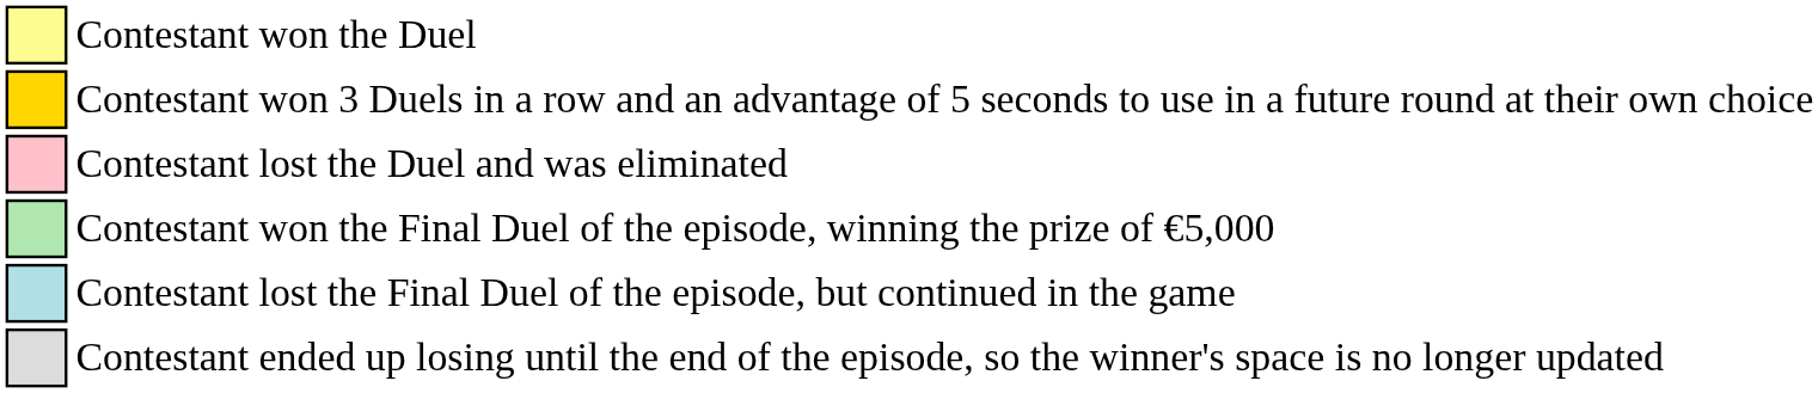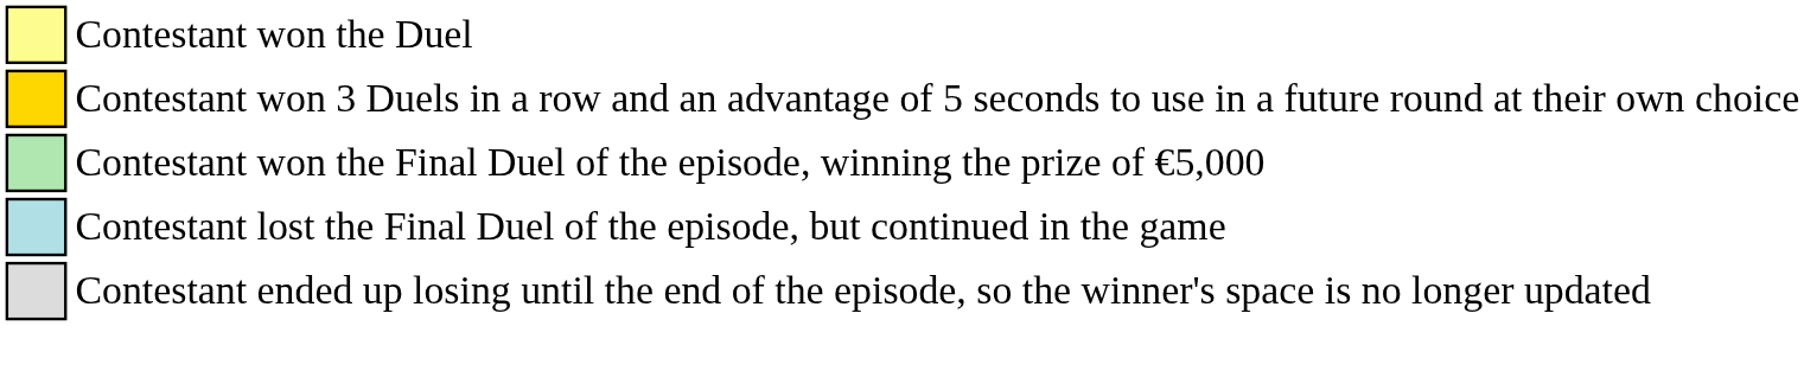 <table class="toccolours" style="font-size: 90%; white-space: nowrap”">
 <tr>
 <td style="background:#fdfc8f; border:1px solid black">     </td>
 <td>Contestant won the Duel</td>
 </tr>
 <tr>
 <td style="background:#FFD700; border:1px solid black">     </td>
 <td>Contestant won 3 Duels in a row and an advantage of 5 seconds to use in a future round at their own choice</td>
-</tr>
-<tr>
-<td style="background:pink; border:1px solid black">     </td>
-<td>Contestant lost the Duel and was eliminated</td>
 </tr>
 <tr>
 <td style="background:#b0e6b0; border:1px solid black">     </td>
 <td>Contestant won the Final Duel of the episode, winning the prize of €5,000</td>
 </tr>
 <tr>
 <td style="background:#b0e0e6; border:1px solid black">     </td>
 <td>Contestant lost the Final Duel of the episode, but continued in the game</td>
 </tr>
 <tr>
 <td style="background:#DCDCDC; border:1px solid black">     </td>
 <td>Contestant ended up losing until the end of the episode, so the winner's space is no longer updated</td>
 </tr>
 </table>
